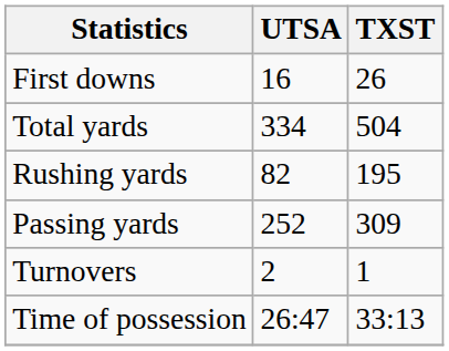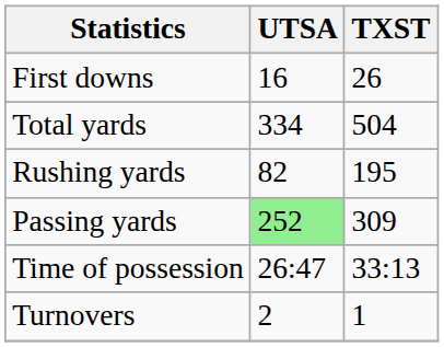 <table class="wikitable" style="float: left;">
 <tr>
 <th>Statistics</th>
 <th>UTSA</th>
 <th>TXST</th>
 </tr>
 <tr>
 <td>First downs</td>
 <td>16</td>
 <td>26</td>
 </tr>
 <tr>
 <td>Total yards</td>
 <td>334</td>
 <td>504</td>
 </tr>
 <tr>
 <td>Rushing yards</td>
 <td>82</td>
 <td>195</td>
 </tr>
 <tr>
 <td>Passing yards</td>
-<td>252</td>
+<td style="background: lightgreen;">252</td>
 <td>309</td>
+</tr>
+<tr>
+<td>Time of possession</td>
+<td>26:47</td>
+<td>33:13</td>
 </tr>
 <tr>
 <td>Turnovers</td>
 <td>2</td>
 <td>1</td>
 </tr>
 <tr>
-<td>Time of possession</td>
-<td>26:47</td>
-<td>33:13</td>
-</tr>
-<tr>
 </tr>
 </table>
